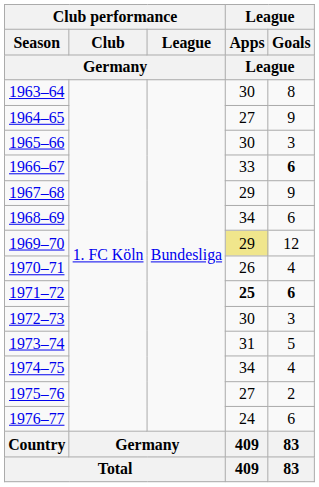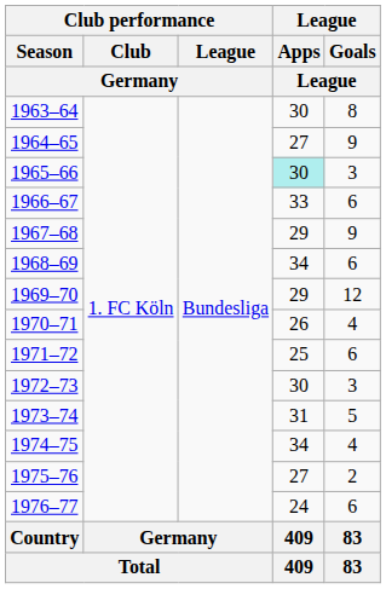 <table class="wikitable" style="text-align:center;">
 <tr>
 <th colspan=3>Club performance</th>
 <th colspan=2>League</th>
 </tr>
 <tr>
 <th>Season</th>
 <th>Club</th>
 <th>League</th>
 <th>Apps</th>
 <th>Goals</th>
 </tr>
 <tr>
 <th colspan=3>Germany</th>
 <th colspan=2>League</th>
 </tr>
 <tr>
 <td><a href='#'>1963–64</a></td>
 <td rowspan="14"><a href='#'>1. FC Köln</a></td>
 <td rowspan="14"><a href='#'>Bundesliga</a></td>
 <td>30</td>
 <td>8</td>
 </tr>
 <tr>
 <td><a href='#'>1964–65</a></td>
 <td>27</td>
 <td>9</td>
 </tr>
 <tr>
 <td><a href='#'>1965–66</a></td>
-<td>30</td>
+<td style="background: paleturquoise;">30</td>
 <td>3</td>
 </tr>
 <tr>
 <td><a href='#'>1966–67</a></td>
 <td>33</td>
-<td><strong>6</strong></td>
+<td>6</td>
 </tr>
 <tr>
 <td><a href='#'>1967–68</a></td>
 <td>29</td>
 <td>9</td>
 </tr>
 <tr>
 <td><a href='#'>1968–69</a></td>
 <td>34</td>
 <td>6</td>
 </tr>
 <tr>
 <td><a href='#'>1969–70</a></td>
-<td style="background: khaki;">29</td>
+<td>29</td>
 <td>12</td>
 </tr>
 <tr>
 <td><a href='#'>1970–71</a></td>
 <td>26</td>
 <td>4</td>
 </tr>
 <tr>
 <td><a href='#'>1971–72</a></td>
-<td><strong>25</strong></td>
-<td><strong>6</strong></td>
+<td>25</td>
+<td>6</td>
 </tr>
 <tr>
 <td><a href='#'>1972–73</a></td>
 <td>30</td>
 <td>3</td>
 </tr>
 <tr>
 <td><a href='#'>1973–74</a></td>
 <td>31</td>
 <td>5</td>
 </tr>
 <tr>
 <td><a href='#'>1974–75</a></td>
 <td>34</td>
 <td>4</td>
 </tr>
 <tr>
 <td><a href='#'>1975–76</a></td>
 <td>27</td>
 <td>2</td>
 </tr>
 <tr>
 <td><a href='#'>1976–77</a></td>
 <td>24</td>
 <td>6</td>
 </tr>
 <tr>
 <th rowspan=1>Country</th>
 <th colspan=2>Germany</th>
 <th>409</th>
 <th>83</th>
 </tr>
 <tr>
 <th colspan=3>Total</th>
 <th>409</th>
 <th>83</th>
 </tr>
 </table>
